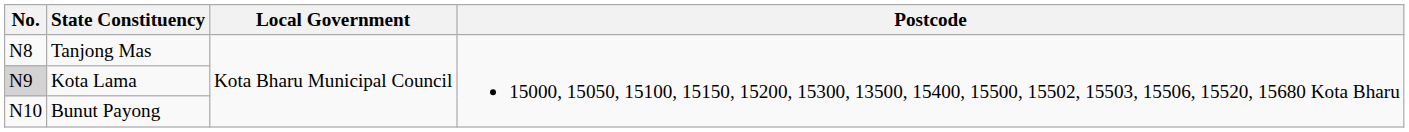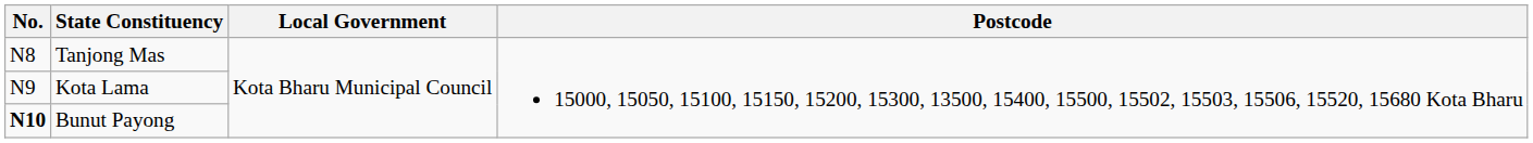 <table class="wikitable">
 <tr>
 <th>No.</th>
 <th>State Constituency</th>
 <th>Local Government</th>
 <th>Postcode</th>
 </tr>
 <tr>
 <td>N8</td>
 <td>Tanjong Mas</td>
 <td rowspan="3">Kota Bharu Municipal Council</td>
 <td rowspan="3"><br><ul><li>15000, 15050, 15100, 15150, 15200, 15300, 13500, 15400, 15500, 15502, 15503, 15506, 15520, 15680 Kota Bharu</li></ul></td>
 </tr>
 <tr>
-<td style="background: lightgrey;">N9</td>
+<td>N9</td>
 <td>Kota Lama</td>
 </tr>
 <tr>
-<td>N10</td>
+<td><strong>N10</strong></td>
 <td>Bunut Payong</td>
 </tr>
 </table>
